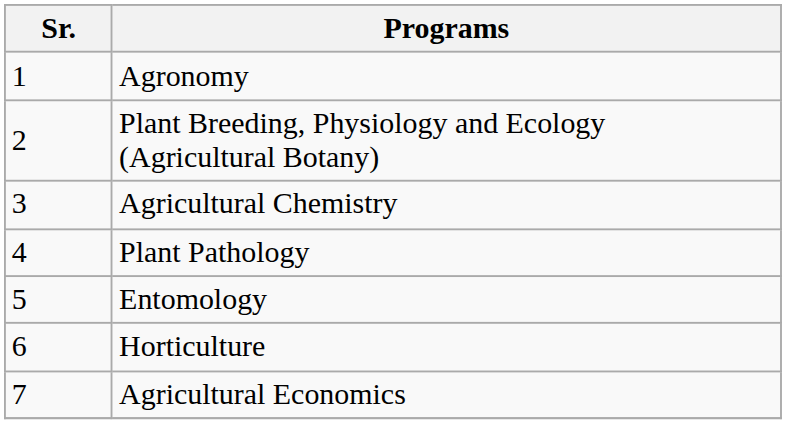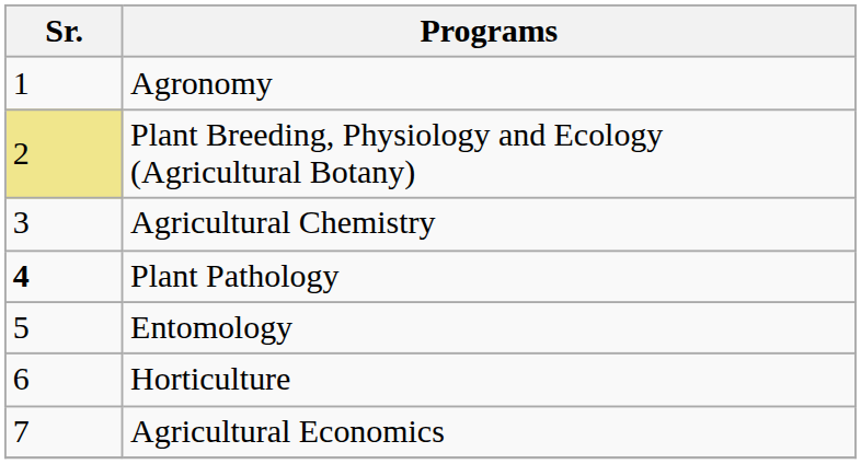 <table class="wikitable">
 <tr>
 <th width="50">Sr.</th>
 <th width="350">Programs</th>
 </tr>
 <tr>
 <td>1</td>
 <td>Agronomy</td>
 </tr>
 <tr>
-<td>2</td>
+<td style="background: khaki;">2</td>
 <td>Plant Breeding, Physiology and Ecology<br>(Agricultural Botany)</td>
 </tr>
 <tr>
 <td>3</td>
 <td>Agricultural Chemistry</td>
 </tr>
 <tr>
-<td>4</td>
+<td><strong>4</strong></td>
 <td>Plant Pathology</td>
 </tr>
 <tr>
 <td>5</td>
 <td>Entomology</td>
 </tr>
 <tr>
 <td>6</td>
 <td>Horticulture</td>
 </tr>
 <tr>
 <td>7</td>
 <td>Agricultural Economics</td>
 </tr>
 <tr>
 </tr>
 </table>
